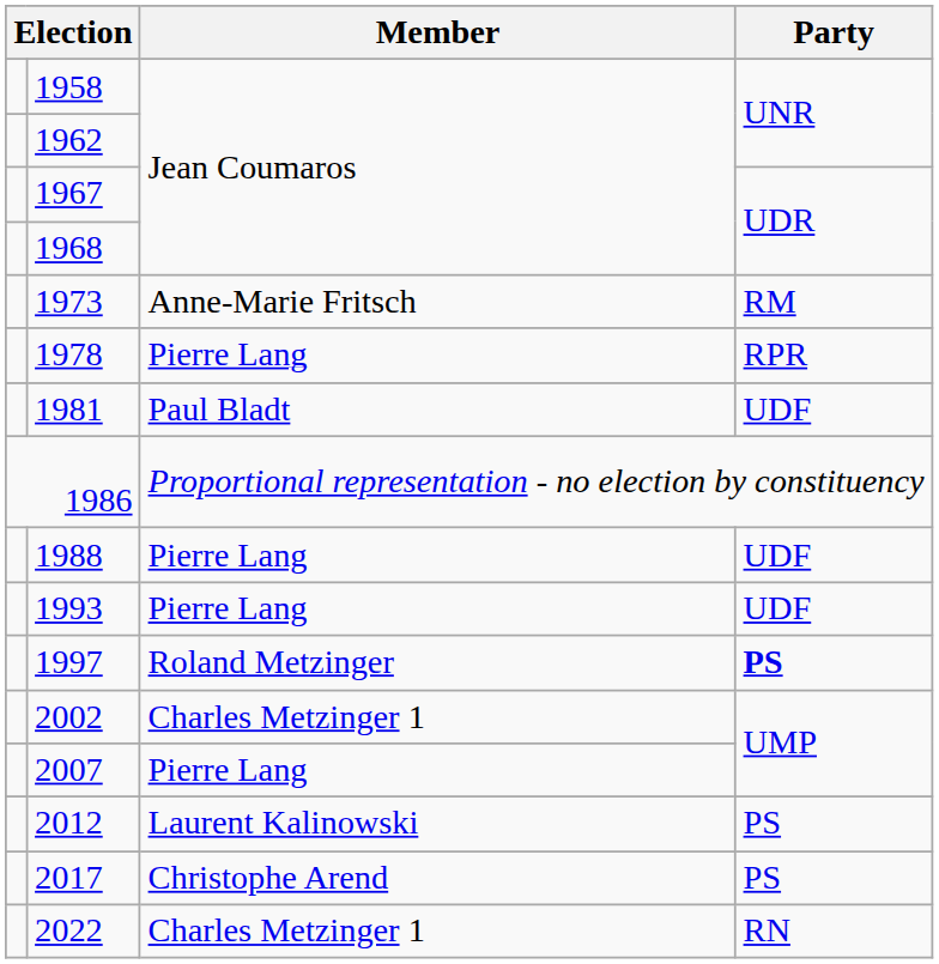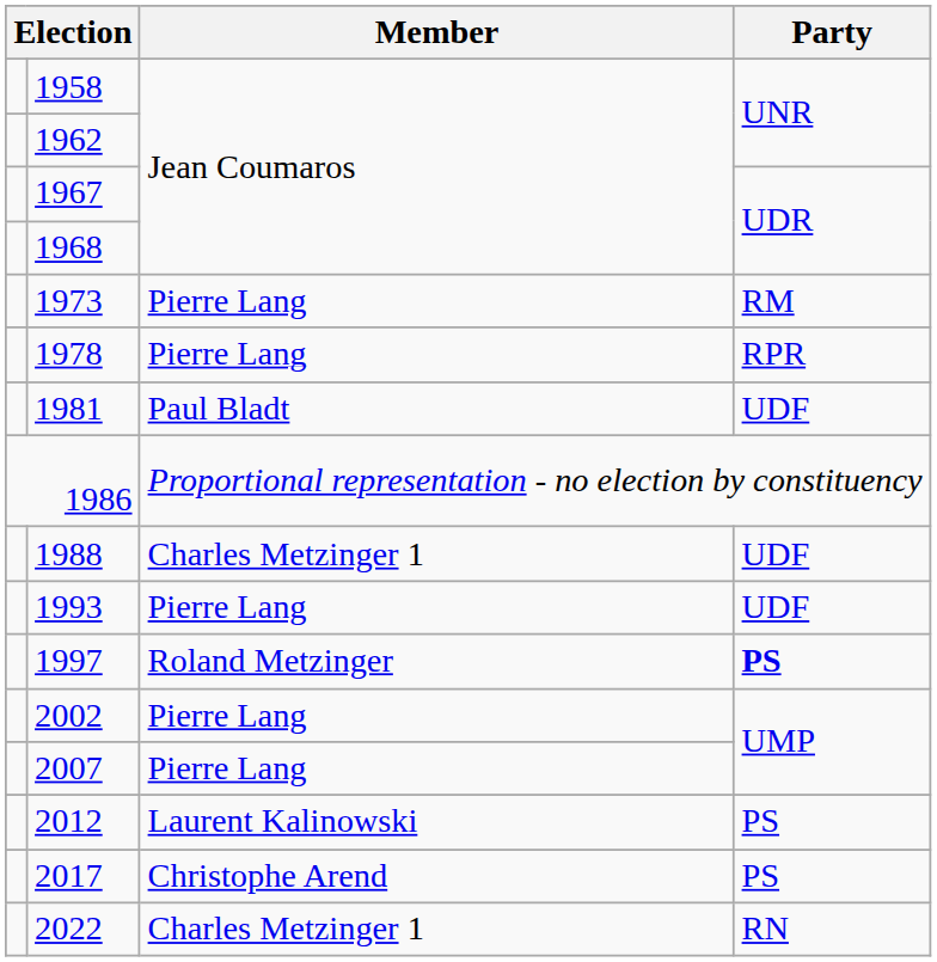 <table class="wikitable">
 <tr>
 <th colspan="2">Election</th>
 <th>Member</th>
 <th>Party</th>
 </tr>
 <tr>
 <td style="color:inherit;background-color: "></td>
 <td><a href='#'>1958</a></td>
 <td rowspan="4">Jean Coumaros</td>
 <td rowspan="2"><a href='#'>UNR</a></td>
 </tr>
 <tr>
 <td style="color:inherit;background-color: "></td>
 <td><a href='#'>1962</a></td>
 </tr>
 <tr>
 <td style="color:inherit;background-color: "></td>
 <td><a href='#'>1967</a></td>
 <td rowspan="2"><a href='#'>UDR</a></td>
 </tr>
 <tr>
 <td style="color:inherit;background-color: "></td>
 <td><a href='#'>1968</a></td>
 </tr>
 <tr>
 <td style="color:inherit;background-color: "></td>
 <td><a href='#'>1973</a></td>
-<td>Anne-Marie Fritsch</td>
+<td><a href='#'>Pierre Lang</a></td>
 <td><a href='#'>RM</a></td>
 </tr>
 <tr>
 <td style="color:inherit;background-color: "></td>
 <td><a href='#'>1978</a></td>
 <td><a href='#'>Pierre Lang</a></td>
 <td><a href='#'>RPR</a></td>
 </tr>
 <tr>
 <td style="color:inherit;background-color: "></td>
 <td><a href='#'>1981</a></td>
 <td><a href='#'>Paul Bladt</a></td>
 <td><a href='#'>UDF</a></td>
 </tr>
 <tr>
 <td colspan="2" align="right"><br><a href='#'>1986</a></td>
 <td colspan="2"><em><a href='#'>Proportional representation</a> - no election by constituency</em></td>
 </tr>
 <tr>
 <td style="color:inherit;background-color: "></td>
 <td><a href='#'>1988</a></td>
-<td><a href='#'>Pierre Lang</a></td>
+<td><a href='#'>Charles Metzinger</a> 1</td>
 <td><a href='#'>UDF</a></td>
 </tr>
 <tr>
 <td style="color:inherit;background-color: "></td>
 <td><a href='#'>1993</a></td>
 <td><a href='#'>Pierre Lang</a></td>
 <td><a href='#'>UDF</a></td>
 </tr>
 <tr>
 <td style="color:inherit;background-color: "></td>
 <td><a href='#'>1997</a></td>
 <td><a href='#'>Roland Metzinger</a></td>
 <td><strong><a href='#'>PS</a></strong></td>
 </tr>
 <tr>
 <td style="color:inherit;background-color: "></td>
 <td><a href='#'>2002</a></td>
-<td><a href='#'>Charles Metzinger</a> 1</td>
+<td><a href='#'>Pierre Lang</a></td>
 <td rowspan="2"><a href='#'>UMP</a></td>
 </tr>
 <tr>
 <td style="color:inherit;background-color: "></td>
 <td><a href='#'>2007</a></td>
 <td><a href='#'>Pierre Lang</a></td>
 </tr>
 <tr>
 <td style="color:inherit;background-color: "></td>
 <td><a href='#'>2012</a></td>
 <td><a href='#'>Laurent Kalinowski</a></td>
 <td><a href='#'>PS</a></td>
 </tr>
 <tr>
 <td style="color:inherit;background-color: "></td>
 <td><a href='#'>2017</a></td>
 <td><a href='#'>Christophe Arend</a></td>
 <td><a href='#'>PS</a></td>
 </tr>
 <tr>
 <td style="color:inherit;background-color: "></td>
 <td><a href='#'>2022</a></td>
 <td><a href='#'>Charles Metzinger</a> 1</td>
 <td><a href='#'>RN</a></td>
 </tr>
 </table>
